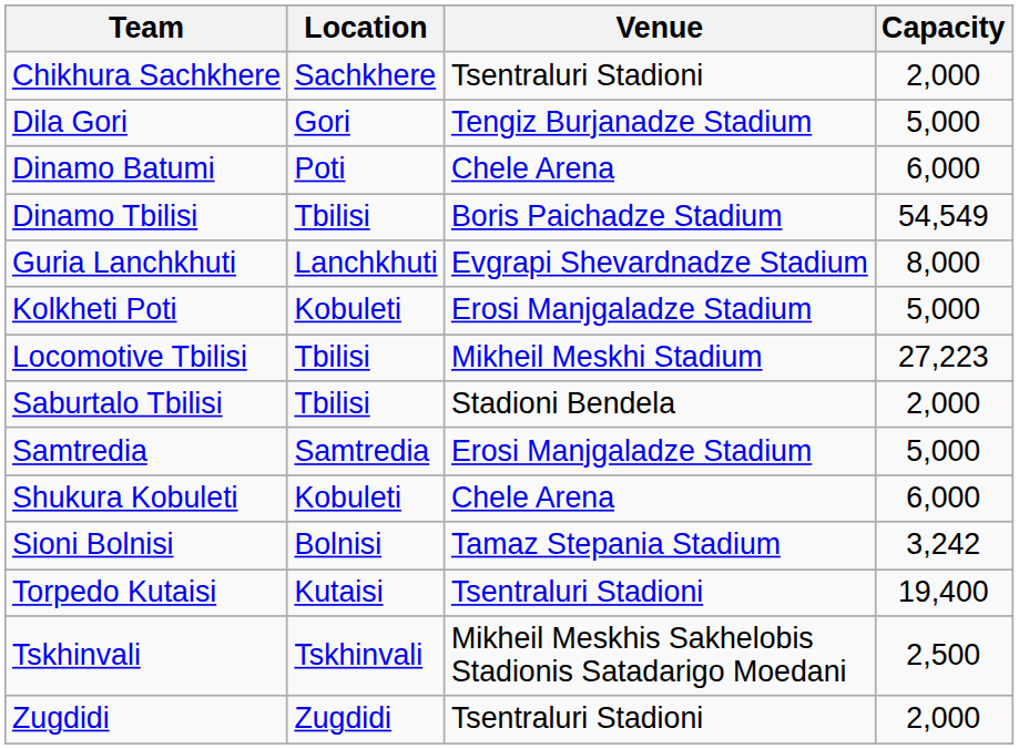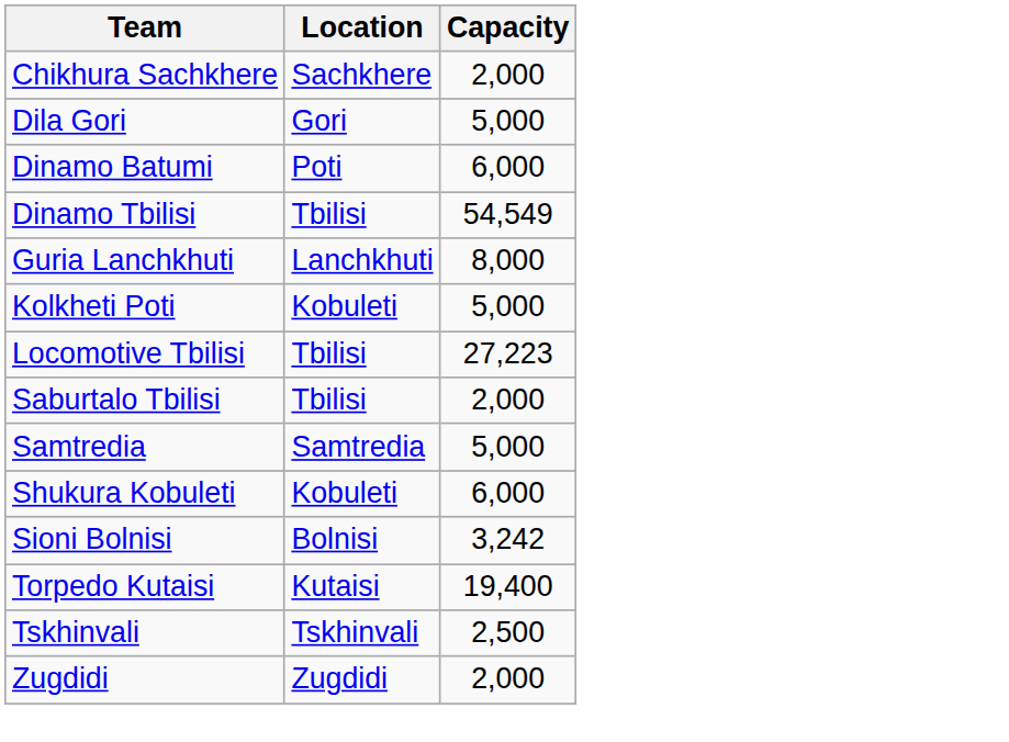 <table class="wikitable sortable">
 <tr>
 <th>Team</th>
 <th>Location</th>
-<th>Venue</th>
 <th>Capacity</th>
 </tr>
 <tr>
 <td><a href='#'>Chikhura Sachkhere</a></td>
 <td><a href='#'>Sachkhere</a></td>
-<td>Tsentraluri Stadioni</td>
 <td align="center">2,000</td>
 </tr>
 <tr>
 <td><a href='#'>Dila Gori</a></td>
 <td><a href='#'>Gori</a></td>
-<td><a href='#'>Tengiz Burjanadze Stadium</a></td>
 <td align="center">5,000</td>
 </tr>
 <tr>
 <td><a href='#'>Dinamo Batumi</a></td>
 <td><a href='#'>Poti</a></td>
-<td><a href='#'>Chele Arena</a></td>
 <td align="center">6,000</td>
 </tr>
 <tr>
 <td><a href='#'>Dinamo Tbilisi</a></td>
 <td><a href='#'>Tbilisi</a></td>
-<td><a href='#'>Boris Paichadze Stadium</a></td>
 <td align="center">54,549</td>
 </tr>
 <tr>
 <td><a href='#'>Guria Lanchkhuti</a></td>
 <td><a href='#'>Lanchkhuti</a></td>
-<td><a href='#'>Evgrapi Shevardnadze Stadium</a></td>
 <td align="center">8,000</td>
 </tr>
 <tr>
 <td><a href='#'>Kolkheti Poti</a></td>
 <td><a href='#'>Kobuleti</a></td>
-<td><a href='#'>Erosi Manjgaladze Stadium</a></td>
 <td align="center">5,000</td>
 </tr>
 <tr>
 <td><a href='#'>Locomotive Tbilisi</a></td>
 <td><a href='#'>Tbilisi</a></td>
-<td><a href='#'>Mikheil Meskhi Stadium</a></td>
 <td align="center">27,223</td>
 </tr>
 <tr>
 <td><a href='#'>Saburtalo Tbilisi</a></td>
 <td><a href='#'>Tbilisi</a></td>
-<td>Stadioni Bendela</td>
 <td align="center">2,000</td>
 </tr>
 <tr>
 <td><a href='#'>Samtredia</a></td>
 <td><a href='#'>Samtredia</a></td>
-<td><a href='#'>Erosi Manjgaladze Stadium</a></td>
 <td align="center">5,000</td>
 </tr>
 <tr>
 <td><a href='#'>Shukura Kobuleti</a></td>
 <td><a href='#'>Kobuleti</a></td>
-<td><a href='#'>Chele Arena</a></td>
 <td align="center">6,000</td>
 </tr>
 <tr>
 <td><a href='#'>Sioni Bolnisi</a></td>
 <td><a href='#'>Bolnisi</a></td>
-<td><a href='#'>Tamaz Stepania Stadium</a></td>
 <td align="center">3,242</td>
 </tr>
 <tr>
 <td><a href='#'>Torpedo Kutaisi</a></td>
 <td><a href='#'>Kutaisi</a></td>
-<td><a href='#'>Tsentraluri Stadioni</a></td>
 <td align="center">19,400</td>
 </tr>
 <tr>
 <td><a href='#'>Tskhinvali</a></td>
 <td><a href='#'>Tskhinvali</a></td>
-<td>Mikheil Meskhis Sakhelobis<br> Stadionis Satadarigo Moedani</td>
 <td align="center">2,500</td>
 </tr>
 <tr>
 <td><a href='#'>Zugdidi</a></td>
 <td><a href='#'>Zugdidi</a></td>
-<td>Tsentraluri Stadioni</td>
 <td align="center">2,000</td>
 </tr>
 </table>
